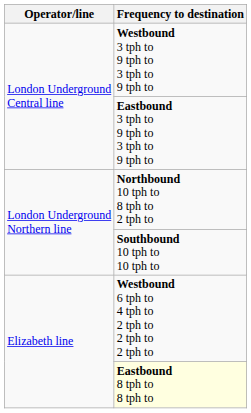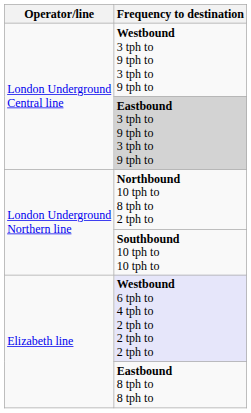 <table class="wikitable">
 <tr>
 <th>Operator/line</th>
 <th>Frequency to destination</th>
 </tr>
 <tr>
 <td rowspan=2><a href='#'>London Underground</a> <br> <a href='#'>Central line</a></td>
 <td><strong>Westbound</strong> <br> 3 tph to  <br> 9 tph to  <br> 3 tph to  <br> 9 tph to </td>
 </tr>
 <tr>
-<td><strong>Eastbound</strong> <br> 3 tph to  <br> 9 tph to  <br> 3 tph to  <br> 9 tph to </td>
+<td style="background: lightgrey;"><strong>Eastbound</strong> <br> 3 tph to  <br> 9 tph to  <br> 3 tph to  <br> 9 tph to </td>
 </tr>
 <tr>
 <td rowspan=2><a href='#'>London Underground</a> <br> <a href='#'>Northern line</a></td>
 <td><strong>Northbound</strong> <br> 10 tph to  <br> 8 tph to  <br> 2 tph to </td>
 </tr>
 <tr>
 <td><strong>Southbound</strong> <br> 10 tph to  <br> 10 tph to </td>
 </tr>
 <tr>
 <td rowspan=2><a href='#'>Elizabeth line</a></td>
-<td><strong>Westbound</strong> <br> 6 tph to  <br> 4 tph to  <br> 2 tph to  <br> 2 tph to  <br> 2 tph to </td>
+<td style="background: lavender;"><strong>Westbound</strong> <br> 6 tph to  <br> 4 tph to  <br> 2 tph to  <br> 2 tph to  <br> 2 tph to </td>
 </tr>
 <tr>
-<td style="background: lightyellow;"><strong>Eastbound</strong> <br> 8 tph to  <br> 8 tph to </td>
+<td><strong>Eastbound</strong> <br> 8 tph to  <br> 8 tph to </td>
 </tr>
 </table>
